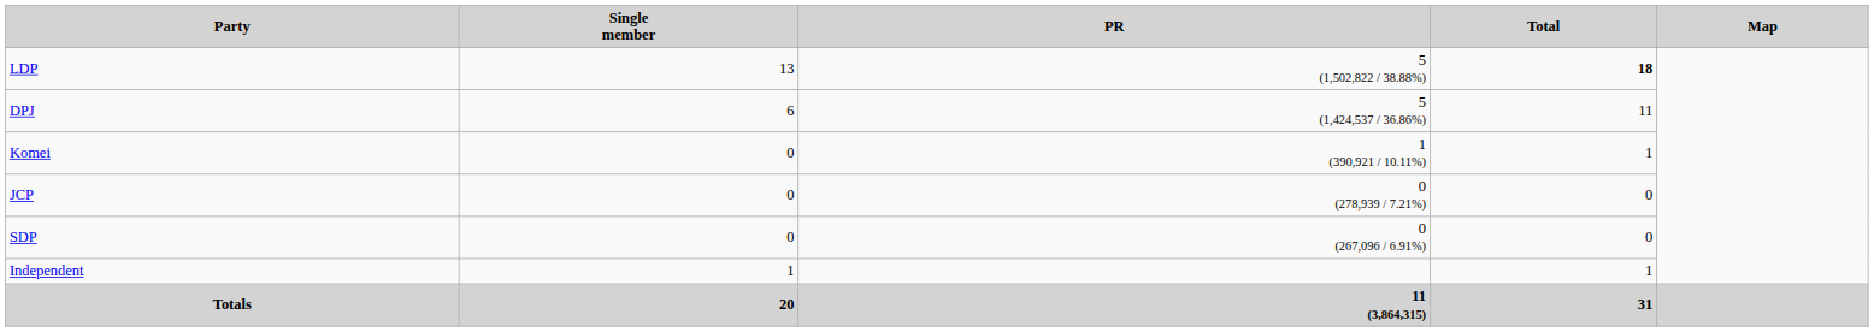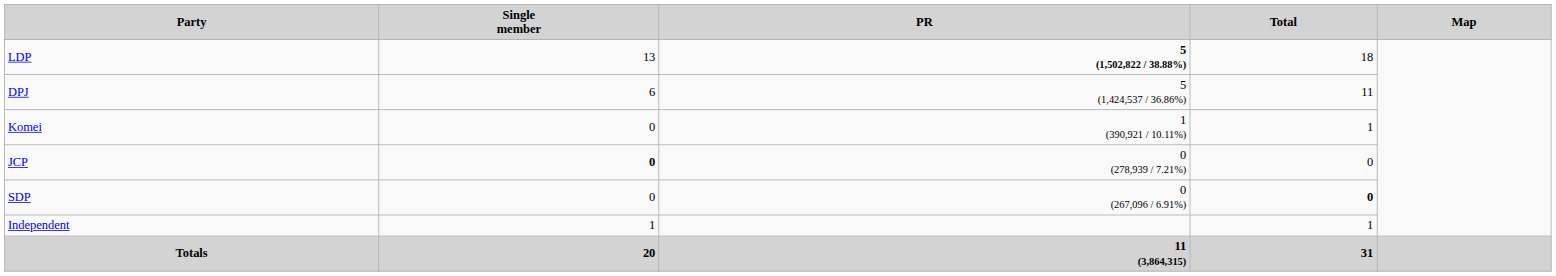 <table border="2" cellpadding="4" cellspacing="0" style="width:100%; margin:1em 1em 1em 0; background:#f9f9f9; border:1px #aaa solid; border-collapse:collapse;">
 <tr style="background:lightgrey;">
 <th>Party</th>
 <th>Single<br>member</th>
 <th>PR</th>
 <th>Total</th>
 <th>Map</th>
 </tr>
 <tr>
 <td><a href='#'>LDP</a></td>
 <td style="text-align:right;">13</td>
-<td style="text-align:right;">5<br><small>(1,502,822 / 38.88%)</small></td>
-<td style="text-align:right;"><strong>18</strong></td>
+<td style="text-align:right;"><strong>5<br><small>(1,502,822 / 38.88%)</small></strong></td>
+<td style="text-align:right;">18</td>
 <td rowspan=6></td>
 </tr>
 <tr>
 <td><a href='#'>DPJ</a></td>
 <td style="text-align:right;">6</td>
 <td style="text-align:right;">5<br><small>(1,424,537 / 36.86%)</small></td>
 <td style="text-align:right;">11</td>
 </tr>
 <tr>
 <td><a href='#'>Komei</a></td>
 <td style="text-align:right;">0</td>
 <td style="text-align:right;">1<br><small>(390,921 / 10.11%)</small></td>
 <td style="text-align:right;">1</td>
 </tr>
 <tr>
 <td><a href='#'>JCP</a></td>
-<td style="text-align:right;">0</td>
+<td style="text-align:right;"><strong>0</strong></td>
 <td style="text-align:right;">0<br><small>(278,939 / 7.21%)</small></td>
 <td style="text-align:right;">0</td>
 </tr>
 <tr>
 <td><a href='#'>SDP</a></td>
 <td style="text-align:right;">0</td>
 <td style="text-align:right;">0<br><small>(267,096 / 6.91%)</small></td>
-<td style="text-align:right;">0</td>
+<td style="text-align:right;"><strong>0</strong></td>
 </tr>
 <tr>
 <td><a href='#'>Independent</a></td>
 <td style="text-align:right;">1</td>
 <td style="text-align:right;"></td>
 <td style="text-align:right;">1</td>
 </tr>
 <tr style="background:lightgrey;">
 <th><strong>Totals</strong></th>
 <th style="text-align:right;">20</th>
 <th style="text-align:right;">11<br><small>(3,864,315)</small></th>
 <th style="text-align:right;">31</th>
 <th></th>
 </tr>
 </table>
